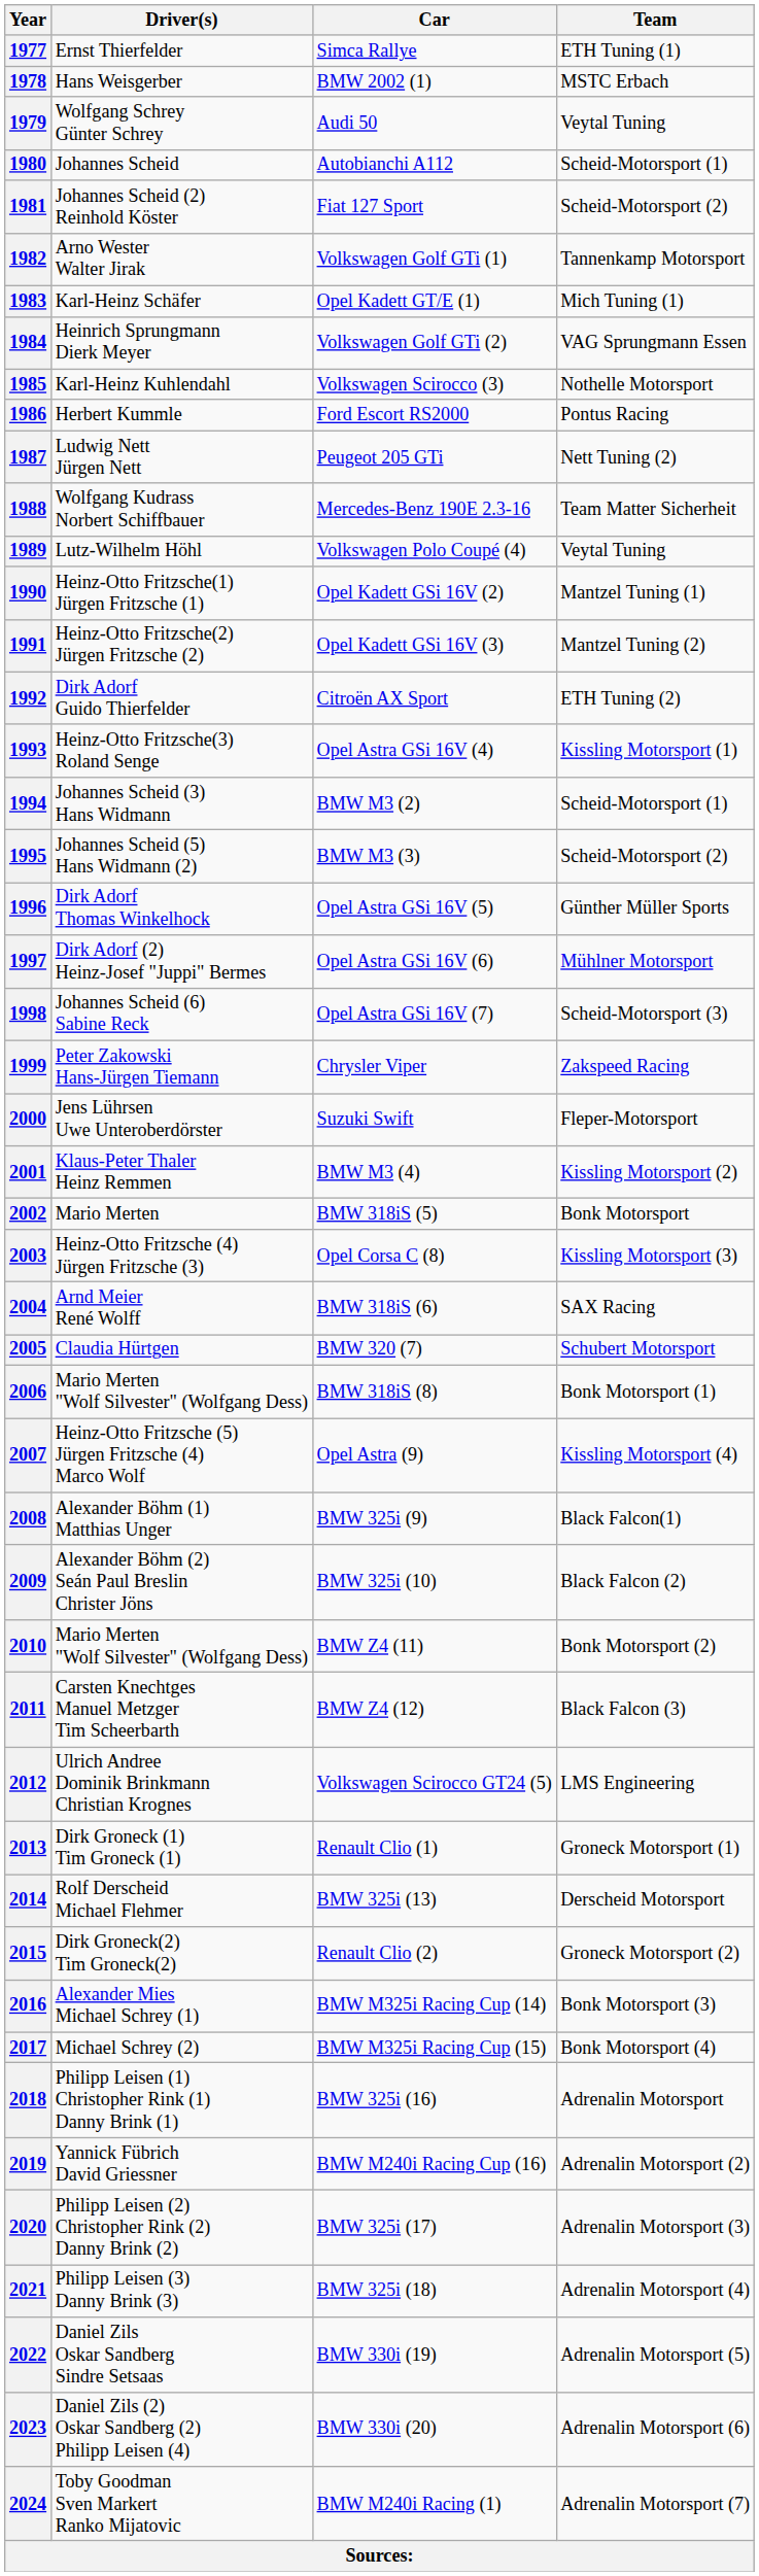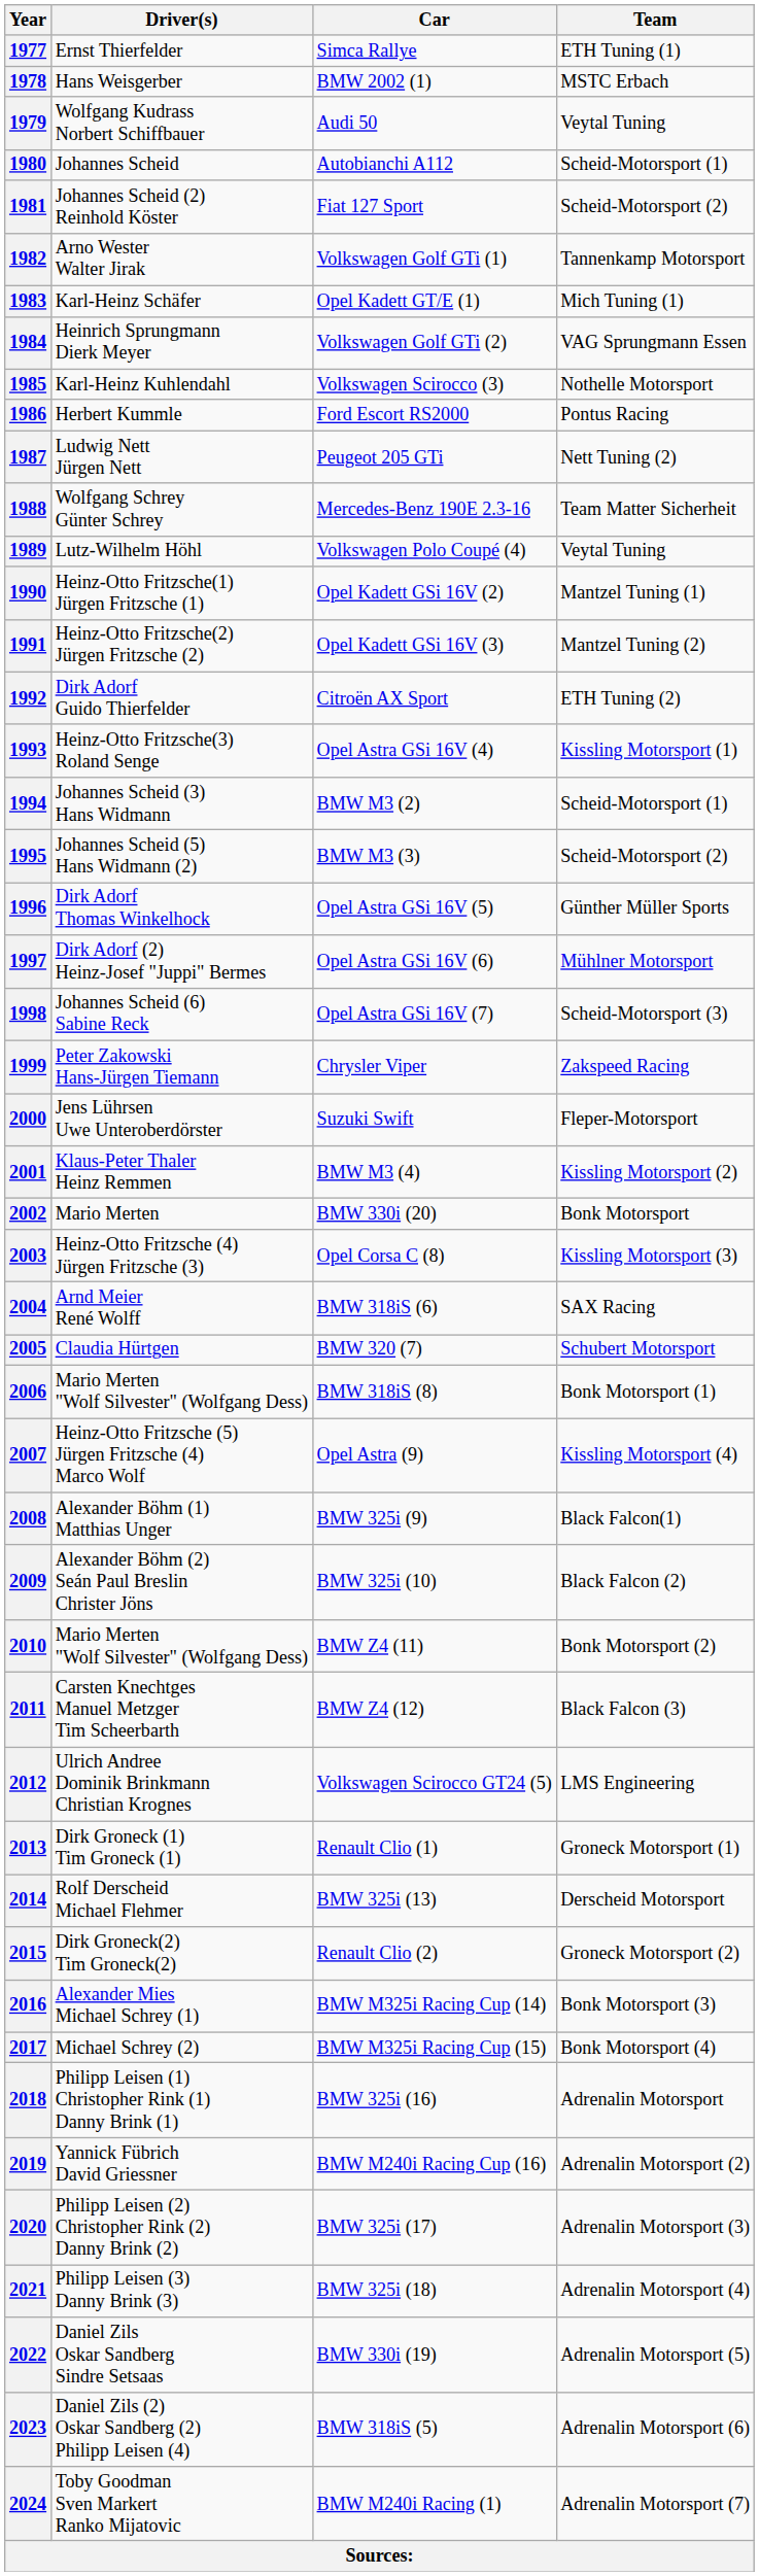 <table class="wikitable" style="font-size: 85%;">
 <tr>
 <th>Year</th>
 <th>Driver(s)</th>
 <th>Car</th>
 <th>Team</th>
 </tr>
 <tr>
 <th><a href='#'>1977</a></th>
 <td> Ernst Thierfelder</td>
 <td><a href='#'>Simca Rallye</a></td>
 <td> ETH Tuning (1)</td>
 </tr>
 <tr>
 <th><a href='#'>1978</a></th>
 <td> Hans Weisgerber</td>
 <td><a href='#'>BMW 2002</a> (1)</td>
 <td> MSTC Erbach</td>
 </tr>
 <tr>
 <th><a href='#'>1979</a></th>
-<td> Wolfgang Schrey<br> Günter Schrey</td>
+<td> Wolfgang Kudrass<br> Norbert Schiffbauer</td>
 <td><a href='#'>Audi 50</a></td>
 <td> Veytal Tuning</td>
 </tr>
 <tr>
 <th><a href='#'>1980</a></th>
 <td> Johannes Scheid</td>
 <td><a href='#'>Autobianchi A112</a></td>
 <td> Scheid-Motorsport (1)</td>
 </tr>
 <tr>
 <th><a href='#'>1981</a></th>
 <td> Johannes Scheid (2)<br> Reinhold Köster</td>
 <td><a href='#'>Fiat 127 Sport</a></td>
 <td> Scheid-Motorsport (2)</td>
 </tr>
 <tr>
 <th><a href='#'>1982</a></th>
 <td> Arno Wester<br> Walter Jirak</td>
 <td><a href='#'>Volkswagen Golf GTi</a> (1)</td>
 <td> Tannenkamp Motorsport</td>
 </tr>
 <tr>
 <th><a href='#'>1983</a></th>
 <td> Karl-Heinz Schäfer</td>
 <td><a href='#'>Opel Kadett GT/E</a> (1)</td>
 <td> Mich Tuning (1)</td>
 </tr>
 <tr>
 <th><a href='#'>1984</a></th>
 <td> Heinrich Sprungmann<br> Dierk Meyer</td>
 <td><a href='#'>Volkswagen Golf GTi</a> (2)</td>
 <td> VAG Sprungmann Essen</td>
 </tr>
 <tr>
 <th><a href='#'>1985</a></th>
 <td> Karl-Heinz Kuhlendahl</td>
 <td><a href='#'>Volkswagen Scirocco</a> (3)</td>
 <td> Nothelle Motorsport</td>
 </tr>
 <tr>
 <th><a href='#'>1986</a></th>
 <td> Herbert Kummle</td>
 <td><a href='#'>Ford Escort RS2000</a></td>
 <td> Pontus Racing</td>
 </tr>
 <tr>
 <th><a href='#'>1987</a></th>
 <td> Ludwig Nett<br> Jürgen Nett</td>
 <td><a href='#'>Peugeot 205 GTi</a></td>
 <td> Nett Tuning (2)</td>
 </tr>
 <tr>
 <th><a href='#'>1988</a></th>
-<td> Wolfgang Kudrass<br> Norbert Schiffbauer</td>
+<td> Wolfgang Schrey<br> Günter Schrey</td>
 <td><a href='#'>Mercedes-Benz 190E 2.3-16</a></td>
 <td> Team Matter Sicherheit</td>
 </tr>
 <tr>
 <th><a href='#'>1989</a></th>
 <td> Lutz-Wilhelm Höhl</td>
 <td><a href='#'>Volkswagen Polo Coupé</a> (4)</td>
 <td> Veytal Tuning</td>
 </tr>
 <tr>
 <th><a href='#'>1990</a></th>
 <td> Heinz-Otto Fritzsche(1)<br> Jürgen Fritzsche (1)</td>
 <td><a href='#'>Opel Kadett GSi 16V</a> (2)</td>
 <td> Mantzel Tuning (1)</td>
 </tr>
 <tr>
 <th><a href='#'>1991</a></th>
 <td> Heinz-Otto Fritzsche(2)<br> Jürgen Fritzsche (2)</td>
 <td><a href='#'>Opel Kadett GSi 16V</a> (3)</td>
 <td> Mantzel Tuning (2)</td>
 </tr>
 <tr>
 <th><a href='#'>1992</a></th>
 <td> <a href='#'>Dirk Adorf</a><br> Guido Thierfelder</td>
 <td><a href='#'>Citroën AX Sport</a></td>
 <td> ETH Tuning (2)</td>
 </tr>
 <tr>
 <th><a href='#'>1993</a></th>
 <td> Heinz-Otto Fritzsche(3)<br> Roland Senge</td>
 <td><a href='#'>Opel Astra GSi 16V</a> (4)</td>
 <td> <a href='#'>Kissling Motorsport</a> (1)</td>
 </tr>
 <tr>
 <th><a href='#'>1994</a></th>
 <td> Johannes Scheid (3)<br> Hans Widmann</td>
 <td><a href='#'>BMW M3</a> (2)</td>
 <td> Scheid-Motorsport (1)</td>
 </tr>
 <tr>
 <th><a href='#'>1995</a></th>
 <td> Johannes Scheid (5)<br> Hans Widmann (2)</td>
 <td><a href='#'>BMW M3</a> (3)</td>
 <td> Scheid-Motorsport (2)</td>
 </tr>
 <tr>
 <th><a href='#'>1996</a></th>
 <td> <a href='#'>Dirk Adorf</a><br> <a href='#'>Thomas Winkelhock</a></td>
 <td><a href='#'>Opel Astra GSi 16V</a> (5)</td>
 <td> Günther Müller Sports</td>
 </tr>
 <tr>
 <th><a href='#'>1997</a></th>
 <td> <a href='#'>Dirk Adorf</a> (2)<br> Heinz-Josef "Juppi" Bermes</td>
 <td><a href='#'>Opel Astra GSi 16V</a> (6)</td>
 <td> <a href='#'>Mühlner Motorsport</a></td>
 </tr>
 <tr>
 <th><a href='#'>1998</a></th>
 <td> Johannes Scheid (6)<br> <a href='#'>Sabine Reck</a></td>
 <td><a href='#'>Opel Astra GSi 16V</a> (7)</td>
 <td> Scheid-Motorsport (3)</td>
 </tr>
 <tr>
 <th><a href='#'>1999</a></th>
 <td> <a href='#'>Peter Zakowski</a><br> <a href='#'>Hans-Jürgen Tiemann</a></td>
 <td><a href='#'>Chrysler Viper</a></td>
 <td> <a href='#'>Zakspeed Racing</a></td>
 </tr>
 <tr>
 <th><a href='#'>2000</a></th>
 <td> Jens Lührsen<br> Uwe Unteroberdörster</td>
 <td><a href='#'>Suzuki Swift</a></td>
 <td> Fleper-Motorsport</td>
 </tr>
 <tr>
 <th><a href='#'>2001</a></th>
 <td> <a href='#'>Klaus-Peter Thaler</a><br> Heinz Remmen</td>
 <td><a href='#'>BMW M3</a> (4)</td>
 <td> <a href='#'>Kissling Motorsport</a> (2)</td>
 </tr>
 <tr>
 <th><a href='#'>2002</a></th>
 <td> Mario Merten</td>
-<td><a href='#'>BMW 318iS</a> (5)</td>
+<td><a href='#'>BMW 330i</a> (20)</td>
 <td> Bonk Motorsport</td>
 </tr>
 <tr>
 <th><a href='#'>2003</a></th>
 <td> Heinz-Otto Fritzsche (4)<br> Jürgen Fritzsche (3)</td>
 <td><a href='#'>Opel Corsa C</a> (8)</td>
 <td> <a href='#'>Kissling Motorsport</a> (3)</td>
 </tr>
 <tr>
 <th><a href='#'>2004</a></th>
 <td> <a href='#'>Arnd Meier</a><br> René Wolff</td>
 <td><a href='#'>BMW 318iS</a> (6)</td>
 <td> SAX Racing</td>
 </tr>
 <tr>
 <th><a href='#'>2005</a></th>
 <td> <a href='#'>Claudia Hürtgen</a></td>
 <td><a href='#'>BMW 320</a> (7)</td>
 <td> <a href='#'>Schubert Motorsport</a></td>
 </tr>
 <tr>
 <th><a href='#'>2006</a></th>
 <td> Mario Merten<br> "Wolf Silvester" (Wolfgang Dess)</td>
 <td><a href='#'>BMW 318iS</a> (8)</td>
 <td> Bonk Motorsport (1)</td>
 </tr>
 <tr>
 <th><a href='#'>2007</a></th>
 <td> Heinz-Otto Fritzsche (5)<br> Jürgen Fritzsche (4)<br> Marco Wolf</td>
 <td><a href='#'>Opel Astra</a> (9)</td>
 <td> <a href='#'>Kissling Motorsport</a> (4)</td>
 </tr>
 <tr>
 <th><a href='#'>2008</a></th>
 <td> Alexander Böhm (1)<br> Matthias Unger</td>
 <td><a href='#'>BMW 325i</a> (9)</td>
 <td> Black Falcon(1)</td>
 </tr>
 <tr>
 <th><a href='#'>2009</a></th>
 <td> Alexander Böhm (2)<br> Seán Paul Breslin<br> Christer Jöns</td>
 <td><a href='#'>BMW 325i</a> (10)</td>
 <td> Black Falcon (2)</td>
 </tr>
 <tr>
 <th><a href='#'>2010</a></th>
 <td> Mario Merten<br> "Wolf Silvester" (Wolfgang Dess)</td>
 <td><a href='#'>BMW Z4</a> (11)</td>
 <td> Bonk Motorsport (2)</td>
 </tr>
 <tr>
 <th><a href='#'>2011</a></th>
 <td> Carsten Knechtges<br> Manuel Metzger<br> Tim Scheerbarth</td>
 <td><a href='#'>BMW Z4</a> (12)</td>
 <td> Black Falcon (3)</td>
 </tr>
 <tr>
 <th><a href='#'>2012</a></th>
 <td> Ulrich Andree<br> Dominik Brinkmann<br> Christian Krognes</td>
 <td><a href='#'>Volkswagen Scirocco GT24</a> (5)</td>
 <td> LMS Engineering</td>
 </tr>
 <tr>
 <th><a href='#'>2013</a></th>
 <td> Dirk Groneck (1)<br> Tim Groneck (1)</td>
 <td><a href='#'>Renault Clio</a> (1)</td>
 <td> Groneck Motorsport (1)</td>
 </tr>
 <tr>
 <th><a href='#'>2014</a></th>
 <td> Rolf Derscheid<br> Michael Flehmer</td>
 <td><a href='#'>BMW 325i</a> (13)</td>
 <td> Derscheid Motorsport</td>
 </tr>
 <tr>
 <th><a href='#'>2015</a></th>
 <td> Dirk Groneck(2)<br> Tim Groneck(2)</td>
 <td><a href='#'>Renault Clio</a> (2)</td>
 <td> Groneck Motorsport (2)</td>
 </tr>
 <tr>
 <th><a href='#'>2016</a></th>
 <td> <a href='#'>Alexander Mies</a><br> Michael Schrey (1)</td>
 <td><a href='#'>BMW M325i Racing Cup</a> (14)</td>
 <td> Bonk Motorsport (3)</td>
 </tr>
 <tr>
 <th><a href='#'>2017</a></th>
 <td> Michael Schrey (2)</td>
 <td><a href='#'>BMW M325i Racing Cup</a> (15)</td>
 <td> Bonk Motorsport (4)</td>
 </tr>
 <tr>
 <th><a href='#'>2018</a></th>
 <td> Philipp Leisen (1)<br> Christopher Rink (1)<br> Danny Brink (1)</td>
 <td><a href='#'>BMW 325i</a> (16)</td>
 <td> Adrenalin Motorsport</td>
 </tr>
 <tr>
 <th><a href='#'>2019</a></th>
 <td> Yannick Fübrich<br> David Griessner</td>
 <td><a href='#'>BMW M240i Racing Cup</a> (16)</td>
 <td> Adrenalin Motorsport (2)</td>
 </tr>
 <tr>
 <th><a href='#'>2020</a></th>
 <td> Philipp Leisen (2)<br> Christopher Rink (2)<br> Danny Brink (2)</td>
 <td><a href='#'>BMW 325i</a> (17)</td>
 <td> Adrenalin Motorsport (3)</td>
 </tr>
 <tr>
 <th><a href='#'>2021</a></th>
 <td> Philipp Leisen (3)<br> Danny Brink (3)</td>
 <td><a href='#'>BMW 325i</a> (18)</td>
 <td> Adrenalin Motorsport (4)</td>
 </tr>
 <tr>
 <th><a href='#'>2022</a></th>
 <td> Daniel Zils<br> Oskar Sandberg<br> Sindre Setsaas</td>
 <td><a href='#'>BMW 330i</a> (19)</td>
 <td> Adrenalin Motorsport (5)</td>
 </tr>
 <tr>
 <th><a href='#'>2023</a></th>
 <td> Daniel Zils (2)<br> Oskar Sandberg (2)<br> Philipp Leisen (4)</td>
-<td><a href='#'>BMW 330i</a> (20)</td>
+<td><a href='#'>BMW 318iS</a> (5)</td>
 <td> Adrenalin Motorsport (6)</td>
 </tr>
 <tr>
 <th><a href='#'>2024</a></th>
 <td> Toby Goodman<br> Sven Markert<br> Ranko Mijatovic</td>
 <td><a href='#'>BMW M240i Racing</a> (1)</td>
 <td> Adrenalin Motorsport (7)</td>
 </tr>
 <tr>
 <th colspan="4">Sources:</th>
 </tr>
 </table>
